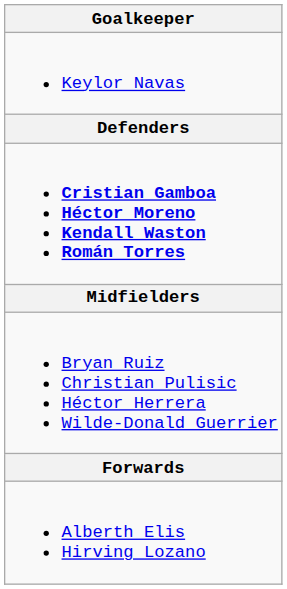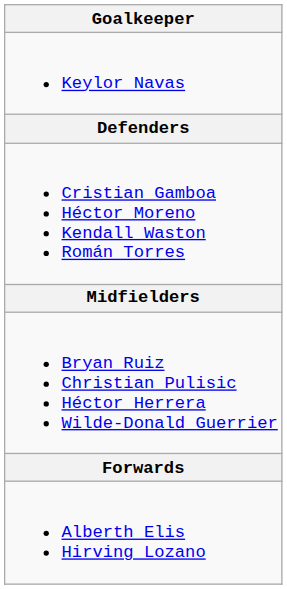 <table class="wikitable">
 <tr>
 <th>Goalkeeper</th>
 </tr>
 <tr>
 <td><br><ul><li> <a href='#'>Keylor Navas</a></li></ul></td>
 </tr>
 <tr>
 <th>Defenders</th>
 </tr>
 <tr>
-<td><strong><br><ul><li> <a href='#'>Cristian Gamboa</a></li><li> <a href='#'>Héctor Moreno</a></li><li> <a href='#'>Kendall Waston</a></li><li> <a href='#'>Román Torres</a></li></ul></strong></td>
+<td><br><ul><li> <a href='#'>Cristian Gamboa</a></li><li> <a href='#'>Héctor Moreno</a></li><li> <a href='#'>Kendall Waston</a></li><li> <a href='#'>Román Torres</a></li></ul></td>
 </tr>
 <tr>
 <th>Midfielders</th>
 </tr>
 <tr>
 <td><br><ul><li> <a href='#'>Bryan Ruiz</a></li><li> <a href='#'>Christian Pulisic</a></li><li> <a href='#'>Héctor Herrera</a></li><li> <a href='#'>Wilde-Donald Guerrier</a></li></ul></td>
 </tr>
 <tr>
 <th>Forwards</th>
 </tr>
 <tr>
 <td><br><ul><li> <a href='#'>Alberth Elis</a></li><li> <a href='#'>Hirving Lozano</a></li></ul></td>
 </tr>
 </table>
